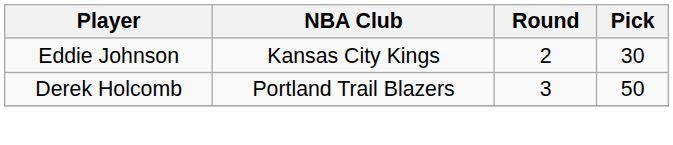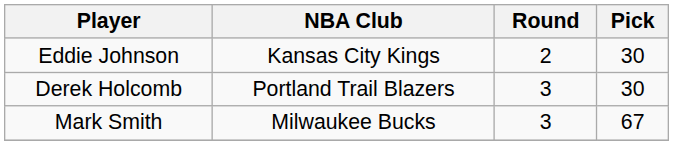 <table class="wikitable" width="500">
 <tr>
 <th>Player</th>
 <th>NBA Club</th>
 <th>Round</th>
 <th>Pick</th>
 </tr>
 <tr align="center" bgcolor="">
 <td>Eddie Johnson</td>
 <td>Kansas City Kings</td>
 <td>2</td>
 <td>30</td>
 </tr>
 <tr align="center" bgcolor="">
 <td>Derek Holcomb</td>
 <td>Portland Trail Blazers</td>
 <td>3</td>
-<td>50</td>
+<td>30</td>
+</tr>
+<tr align="center" bgcolor="">
+<td>Mark Smith</td>
+<td>Milwaukee Bucks</td>
+<td>3</td>
+<td>67</td>
 </tr>
 <tr align="center" bgcolor="">
 </tr>
 </table>
